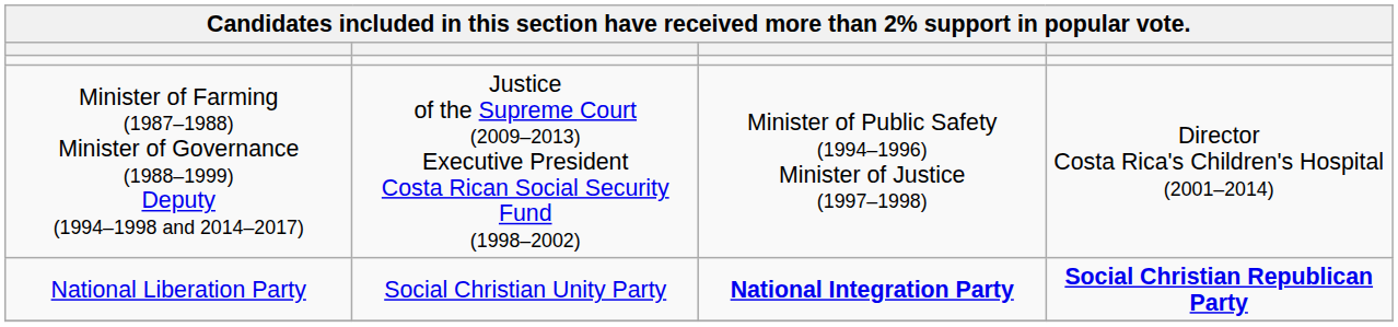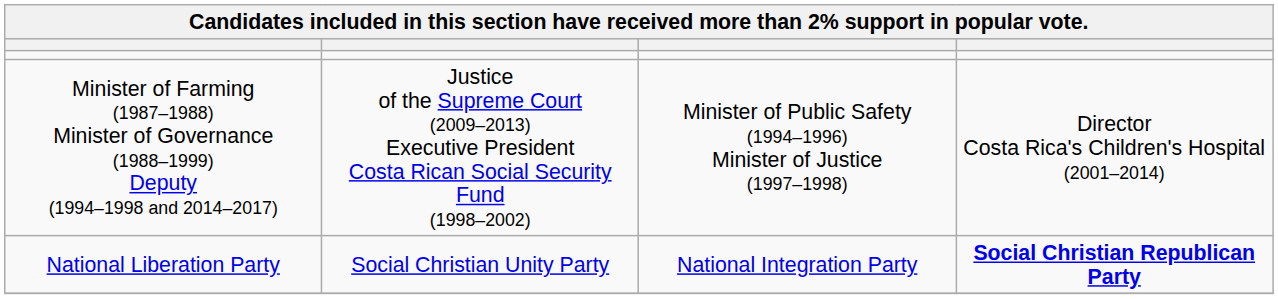 <table class="wikitable" style="font-size:90%; text-align:center;">
 <tr>
 <td style="background:#f1f1f1; width:850px;" colspan="30"><strong>Candidates included in this section have received more than 2% support in popular vote.</strong></td>
 </tr>
 <tr>
 <th style="width:160px; font-size:120%; background:"><a href='#'></a></th>
 <th style="width:160px; font-size:120%; background:"><a href='#'></a></th>
 <th style="width:160px; font-size:120%; background:"><a href='#'></a></th>
 <th style="width:160px; font-size:120%; background:"><a href='#'></a></th>
 </tr>
 <tr>
 <td></td>
 <td></td>
 <td></td>
 <td></td>
 </tr>
 <tr>
 <td>Minister of Farming <br><small>(1987–1988)</small><br>Minister of Governance <br><small>(1988–1999)</small><br><a href='#'>Deputy</a><br><small>(1994–1998 and 2014–2017)</small></td>
 <td>Justice <br>of the <a href='#'>Supreme Court</a><br><small>(2009–2013)</small><br>Executive President<br><a href='#'>Costa Rican Social Security Fund</a><br><small>(1998–2002)</small></td>
 <td>Minister of Public Safety<br><small>(1994–1996)</small><br>Minister of Justice<br><small>(1997–1998)</small></td>
 <td>Director<br>Costa Rica's Children's Hospital <br><small>(2001–2014)</small></td>
 </tr>
 <tr>
 <td><a href='#'>National Liberation Party</a></td>
 <td><a href='#'>Social Christian Unity Party</a></td>
-<td><strong><a href='#'>National Integration Party</a></strong></td>
+<td><a href='#'>National Integration Party</a></td>
 <td><strong><a href='#'>Social Christian Republican Party</a></strong></td>
 </tr>
 <tr>
 </tr>
 </table>
